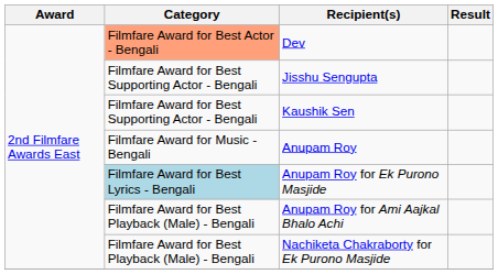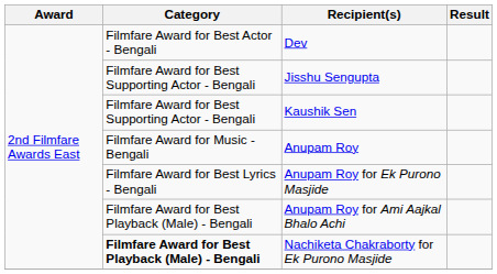 <table class="wikitable sortable">
 <tr>
 <th>Award</th>
 <th>Category</th>
 <th>Recipient(s)</th>
 <th>Result</th>
 </tr>
 <tr>
 <td rowspan="7"><a href='#'>2nd Filmfare Awards East</a></td>
-<td style="background: lightsalmon;">Filmfare Award for Best Actor - Bengali</td>
+<td>Filmfare Award for Best Actor - Bengali</td>
 <td><a href='#'>Dev</a></td>
 <td></td>
 </tr>
 <tr>
 <td>Filmfare Award for Best Supporting Actor - Bengali</td>
 <td><a href='#'>Jisshu Sengupta</a></td>
 <td></td>
 </tr>
 <tr>
 <td>Filmfare Award for Best Supporting Actor - Bengali</td>
 <td><a href='#'>Kaushik Sen</a></td>
 <td></td>
 </tr>
 <tr>
 <td>Filmfare Award for Music - Bengali</td>
 <td><a href='#'>Anupam Roy</a></td>
 <td></td>
 </tr>
 <tr>
-<td style="background: lightblue;">Filmfare Award for Best Lyrics - Bengali</td>
+<td>Filmfare Award for Best Lyrics - Bengali</td>
 <td><a href='#'>Anupam Roy</a> for <em>Ek Purono Masjide</em></td>
 <td></td>
 </tr>
 <tr>
 <td>Filmfare Award for Best Playback (Male) - Bengali</td>
 <td><a href='#'>Anupam Roy</a> for <em>Ami Aajkal Bhalo Achi</em></td>
 <td></td>
 </tr>
 <tr>
-<td>Filmfare Award for Best Playback (Male) - Bengali</td>
+<td><strong>Filmfare Award for Best Playback (Male) - Bengali</strong></td>
 <td><a href='#'>Nachiketa Chakraborty</a> for <em>Ek Purono Masjide</em></td>
 <td></td>
 </tr>
 <tr>
 </tr>
 </table>
